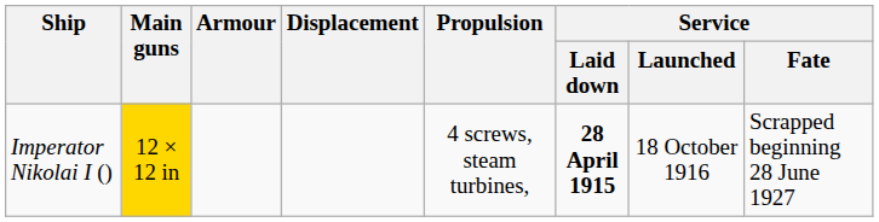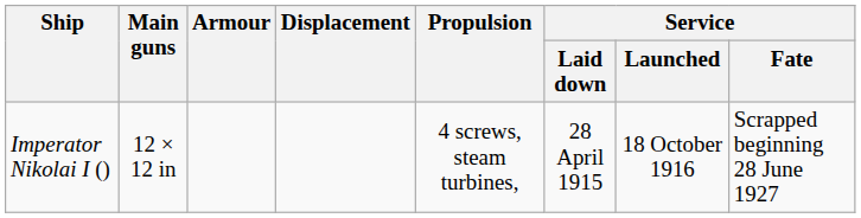 <table class="wikitable">
 <tr valign="top">
 <th align= center rowspan=2>Ship</th>
 <th align= center rowspan=2>Main guns</th>
 <th align= center rowspan=2>Armour</th>
 <th align= center rowspan=2>Displacement</th>
 <th align= center rowspan=2>Propulsion</th>
 <th align= center colspan=3>Service</th>
 </tr>
 <tr valign="top">
 <th align= center>Laid down</th>
 <th align= center>Launched</th>
 <th align= center>Fate</th>
 </tr>
 <tr valign="center">
 <td align= left><em>Imperator Nikolai I</em> ()</td>
-<td align= center style="background: gold;">12 × 12 in</td>
+<td align= center>12 × 12 in</td>
 <td align= center></td>
 <td align= center></td>
 <td align= center>4 screws, steam turbines, </td>
-<td align= center><strong>28 April 1915</strong></td>
+<td align= center>28 April 1915</td>
 <td align= center>18 October 1916</td>
 <td align= left>Scrapped beginning 28 June 1927</td>
 </tr>
 </table>
